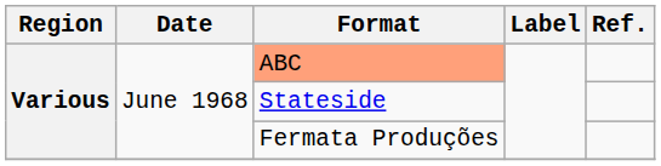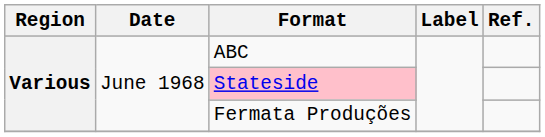 <table class="wikitable plainrowheaders">
 <tr>
 <th scope="col">Region</th>
 <th scope="col">Date</th>
 <th scope="col">Format</th>
 <th scope="col">Label</th>
 <th scope="col">Ref.</th>
 </tr>
 <tr>
 <th scope="row" rowspan="3">Various</th>
 <td rowspan="3">June 1968</td>
-<td style="background: lightsalmon;">ABC</td>
+<td>ABC</td>
 <td rowspan="3"></td>
 <td></td>
 </tr>
 <tr>
-<td><a href='#'>Stateside</a></td>
+<td style="background: pink;"><a href='#'>Stateside</a></td>
 <td></td>
 </tr>
 <tr>
 <td>Fermata Produções</td>
 <td></td>
 </tr>
 <tr>
 </tr>
 </table>
